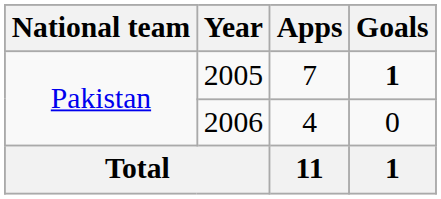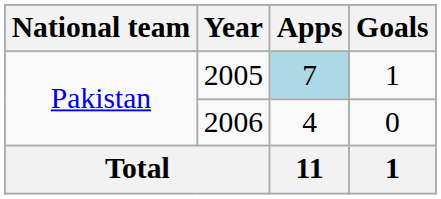 <table class="wikitable" style="text-align:center">
 <tr>
 <th>National team</th>
 <th>Year</th>
 <th>Apps</th>
 <th>Goals</th>
 </tr>
 <tr>
 <td rowspan="2"><a href='#'>Pakistan</a></td>
 <td>2005</td>
-<td>7</td>
-<td><strong>1</strong></td>
+<td style="background: lightblue;">7</td>
+<td>1</td>
 </tr>
 <tr>
 <td>2006</td>
 <td>4</td>
 <td>0</td>
 </tr>
 <tr>
 <th colspan="2">Total</th>
 <th>11</th>
 <th>1</th>
 </tr>
 </table>
